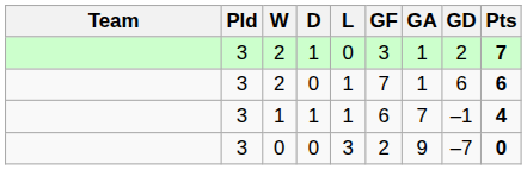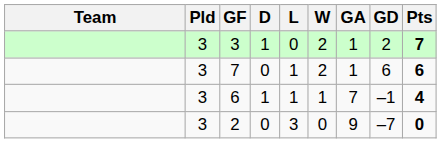 <table class="wikitable" style="text-align:center;">
 <tr>
 <th width=165>Team</th>
 <th width=20>Pld</th>
-<th width=20>W</th>
+<th width=20>GF</th>
 <th width=20>D</th>
 <th width=20>L</th>
-<th width=20>GF</th>
+<th width=20>W</th>
 <th width=20>GA</th>
 <th width=20>GD</th>
 <th width=20>Pts<br></th>
 </tr>
 <tr align=center bgcolor="ccffcc">
 <td style="text-align:left;"></td>
 <td>3</td>
-<td>2</td>
+<td>3</td>
 <td>1</td>
 <td>0</td>
-<td>3</td>
+<td>2</td>
 <td>1</td>
 <td>2</td>
 <td><strong>7</strong></td>
 </tr>
 <tr align=center>
 <td style="text-align:left;"></td>
 <td>3</td>
-<td>2</td>
+<td>7</td>
 <td>0</td>
 <td>1</td>
-<td>7</td>
+<td>2</td>
 <td>1</td>
 <td>6</td>
 <td><strong>6</strong></td>
 </tr>
 <tr align=center>
 <td style="text-align:left;"></td>
 <td>3</td>
+<td>6</td>
 <td>1</td>
 <td>1</td>
 <td>1</td>
-<td>6</td>
 <td>7</td>
 <td>–1</td>
 <td><strong>4</strong></td>
 </tr>
 <tr align=center>
 <td style="text-align:left;"></td>
 <td>3</td>
-<td>0</td>
+<td>2</td>
 <td>0</td>
 <td>3</td>
-<td>2</td>
+<td>0</td>
 <td>9</td>
 <td>–7</td>
 <td><strong>0</strong></td>
 </tr>
 </table>
